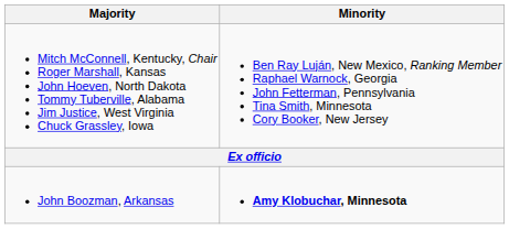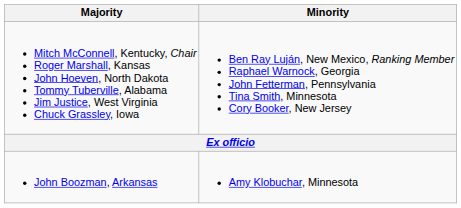 <table class=wikitable>
 <tr>
 <th>Majority</th>
 <th>Minority</th>
 </tr>
 <tr>
 <td><br><ul><li><a href='#'>Mitch McConnell</a>, Kentucky, <em>Chair</em></li><li><a href='#'>Roger Marshall</a>, Kansas</li><li><a href='#'>John Hoeven</a>, North Dakota</li><li><a href='#'>Tommy Tuberville</a>, Alabama</li><li><a href='#'>Jim Justice</a>, West Virginia</li><li><a href='#'>Chuck Grassley</a>, Iowa</li></ul></td>
 <td><br><ul><li><a href='#'>Ben Ray Luján</a>, New Mexico, <em>Ranking Member</em></li><li><a href='#'>Raphael Warnock</a>, Georgia</li><li><a href='#'>John Fetterman</a>, Pennsylvania</li><li><a href='#'>Tina Smith</a>, Minnesota</li><li><a href='#'>Cory Booker</a>, New Jersey</li></ul></td>
 </tr>
 <tr>
 <th colspan=2><em><a href='#'>Ex officio</a></em></th>
 </tr>
 <tr>
 <td><br><ul><li><a href='#'>John Boozman</a>, <a href='#'>Arkansas</a></li></ul></td>
-<td><strong><br><ul><li><a href='#'>Amy Klobuchar</a>, Minnesota</li></ul></strong></td>
+<td><br><ul><li><a href='#'>Amy Klobuchar</a>, Minnesota</li></ul></td>
 </tr>
 </table>
